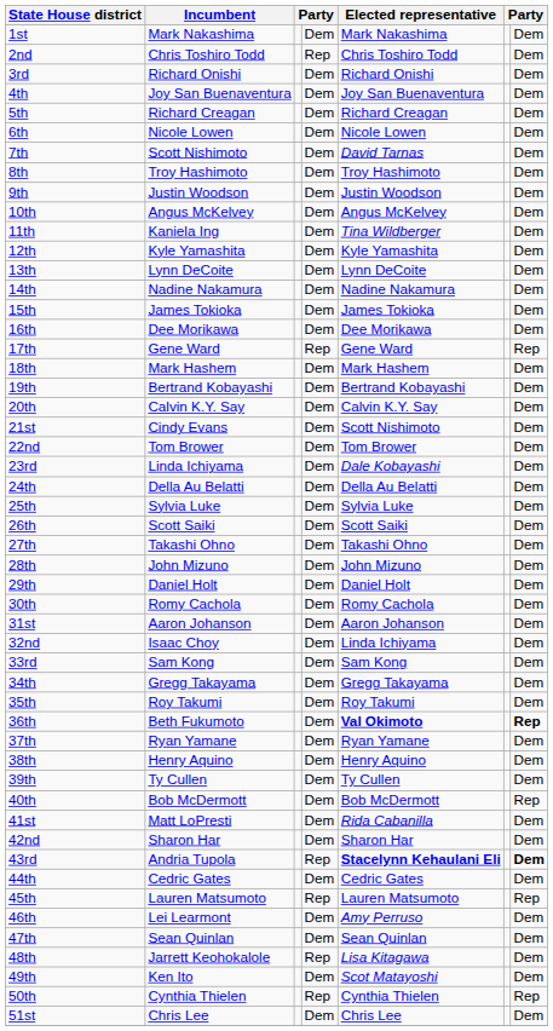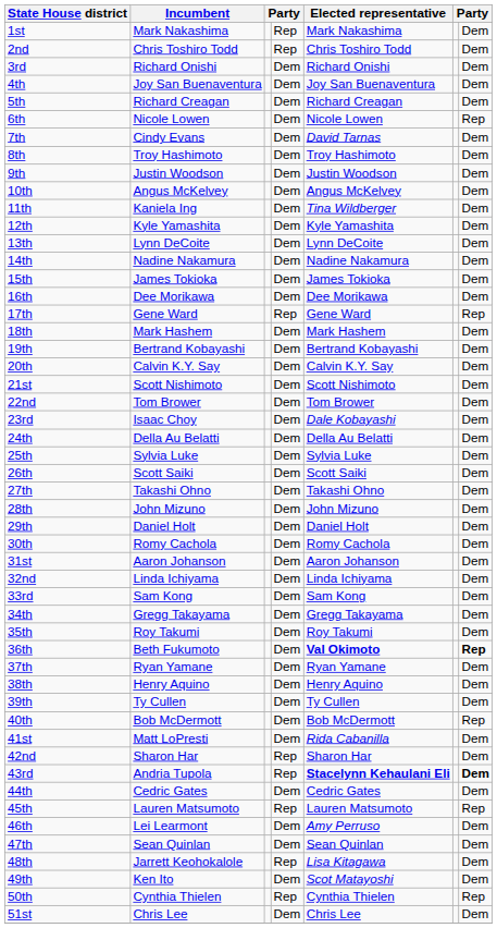 <table class="sortable wikitable" style="font-size:95%;line-height:14px;">
 <tr>
 <th class="unsortable"><a href='#'>State House</a> district</th>
 <th class="unsortable"><a href='#'>Incumbent</a></th>
 <th colspan="2">Party</th>
 <th class="unsortable">Elected representative</th>
 <th colspan="2">Party</th>
 </tr>
 <tr>
 <td><a href='#'>1st</a></td>
 <td><a href='#'>Mark Nakashima</a></td>
 <td style="background:"></td>
-<td>Dem</td>
+<td>Rep</td>
 <td><a href='#'>Mark Nakashima</a></td>
 <td style="background:"></td>
 <td>Dem</td>
 </tr>
 <tr>
 <td><a href='#'>2nd</a></td>
 <td><a href='#'>Chris Toshiro Todd</a></td>
 <td style="background:"></td>
 <td>Rep</td>
 <td><a href='#'>Chris Toshiro Todd</a></td>
 <td style="background:"></td>
 <td>Dem</td>
 </tr>
 <tr>
 <td><a href='#'>3rd</a></td>
 <td><a href='#'>Richard Onishi</a></td>
 <td style="background:"></td>
 <td>Dem</td>
 <td><a href='#'>Richard Onishi</a></td>
 <td style="background:"></td>
 <td>Dem</td>
 </tr>
 <tr>
 <td><a href='#'>4th</a></td>
 <td><a href='#'>Joy San Buenaventura</a></td>
 <td style="background:"></td>
 <td>Dem</td>
 <td><a href='#'>Joy San Buenaventura</a></td>
 <td style="background:"></td>
 <td>Dem</td>
 </tr>
 <tr>
 <td><a href='#'>5th</a></td>
 <td><a href='#'>Richard Creagan</a></td>
 <td style="background:"></td>
 <td>Dem</td>
 <td><a href='#'>Richard Creagan</a></td>
 <td style="background:"></td>
 <td>Dem</td>
 </tr>
 <tr>
 <td><a href='#'>6th</a></td>
 <td><a href='#'>Nicole Lowen</a></td>
 <td style="background:"></td>
 <td>Dem</td>
 <td><a href='#'>Nicole Lowen</a></td>
 <td style="background:"></td>
-<td>Dem</td>
+<td>Rep</td>
 </tr>
 <tr>
 <td><a href='#'>7th</a></td>
-<td><a href='#'>Scott Nishimoto</a></td>
+<td><a href='#'>Cindy Evans</a></td>
 <td style="background:"></td>
 <td>Dem</td>
 <td><em><a href='#'>David Tarnas</a></em></td>
 <td style="background:"></td>
 <td>Dem</td>
 </tr>
 <tr>
 <td><a href='#'>8th</a></td>
 <td><a href='#'>Troy Hashimoto</a></td>
 <td style="background:"></td>
 <td>Dem</td>
 <td><a href='#'>Troy Hashimoto</a></td>
 <td style="background:"></td>
 <td>Dem</td>
 </tr>
 <tr>
 <td><a href='#'>9th</a></td>
 <td><a href='#'>Justin Woodson</a></td>
 <td style="background:"></td>
 <td>Dem</td>
 <td><a href='#'>Justin Woodson</a></td>
 <td style="background:"></td>
 <td>Dem</td>
 </tr>
 <tr>
 <td><a href='#'>10th</a></td>
 <td><a href='#'>Angus McKelvey</a></td>
 <td style="background:"></td>
 <td>Dem</td>
 <td><a href='#'>Angus McKelvey</a></td>
 <td style="background:"></td>
 <td>Dem</td>
 </tr>
 <tr>
 <td><a href='#'>11th</a></td>
 <td><a href='#'>Kaniela Ing</a></td>
 <td style="background:"></td>
 <td>Dem</td>
 <td><em><a href='#'>Tina Wildberger</a></em></td>
 <td style="background:"></td>
 <td>Dem</td>
 </tr>
 <tr>
 <td><a href='#'>12th</a></td>
 <td><a href='#'>Kyle Yamashita</a></td>
 <td style="background:"></td>
 <td>Dem</td>
 <td><a href='#'>Kyle Yamashita</a></td>
 <td style="background:"></td>
 <td>Dem</td>
 </tr>
 <tr>
 <td><a href='#'>13th</a></td>
 <td><a href='#'>Lynn DeCoite</a></td>
 <td style="background:"></td>
 <td>Dem</td>
 <td><a href='#'>Lynn DeCoite</a></td>
 <td style="background:"></td>
 <td>Dem</td>
 </tr>
 <tr>
 <td><a href='#'>14th</a></td>
 <td><a href='#'>Nadine Nakamura</a></td>
 <td style="background:"></td>
 <td>Dem</td>
 <td><a href='#'>Nadine Nakamura</a></td>
 <td style="background:"></td>
 <td>Dem</td>
 </tr>
 <tr>
 <td><a href='#'>15th</a></td>
 <td><a href='#'>James Tokioka</a></td>
 <td style="background:"></td>
 <td>Dem</td>
 <td><a href='#'>James Tokioka</a></td>
 <td style="background:"></td>
 <td>Dem</td>
 </tr>
 <tr>
 <td><a href='#'>16th</a></td>
 <td><a href='#'>Dee Morikawa</a></td>
 <td style="background:"></td>
 <td>Dem</td>
 <td><a href='#'>Dee Morikawa</a></td>
 <td style="background:"></td>
 <td>Dem</td>
 </tr>
 <tr>
 <td><a href='#'>17th</a></td>
 <td><a href='#'>Gene Ward</a></td>
 <td style="background:"></td>
 <td>Rep</td>
 <td><a href='#'>Gene Ward</a></td>
 <td style="background:"></td>
 <td>Rep</td>
 </tr>
 <tr>
 <td><a href='#'>18th</a></td>
 <td><a href='#'>Mark Hashem</a></td>
 <td style="background:"></td>
 <td>Dem</td>
 <td><a href='#'>Mark Hashem</a></td>
 <td style="background:"></td>
 <td>Dem</td>
 </tr>
 <tr>
 <td><a href='#'>19th</a></td>
 <td><a href='#'>Bertrand Kobayashi</a></td>
 <td style="background:"></td>
 <td>Dem</td>
 <td><a href='#'>Bertrand Kobayashi</a></td>
 <td style="background:"></td>
 <td>Dem</td>
 </tr>
 <tr>
 <td><a href='#'>20th</a></td>
 <td><a href='#'>Calvin K.Y. Say</a></td>
 <td style="background:"></td>
 <td>Dem</td>
 <td><a href='#'>Calvin K.Y. Say</a></td>
 <td style="background:"></td>
 <td>Dem</td>
 </tr>
 <tr>
 <td><a href='#'>21st</a></td>
-<td><a href='#'>Cindy Evans</a></td>
+<td><a href='#'>Scott Nishimoto</a></td>
 <td style="background:"></td>
 <td>Dem</td>
 <td><a href='#'>Scott Nishimoto</a></td>
 <td style="background:"></td>
 <td>Dem</td>
 </tr>
 <tr>
 <td><a href='#'>22nd</a></td>
 <td><a href='#'>Tom Brower</a></td>
 <td style="background:"></td>
 <td>Dem</td>
 <td><a href='#'>Tom Brower</a></td>
 <td style="background:"></td>
 <td>Dem</td>
 </tr>
 <tr>
 <td><a href='#'>23rd</a></td>
-<td><a href='#'>Linda Ichiyama</a></td>
+<td><a href='#'>Isaac Choy</a></td>
 <td style="background:"></td>
 <td>Dem</td>
 <td><em><a href='#'>Dale Kobayashi</a></em></td>
 <td style="background:"></td>
 <td>Dem</td>
 </tr>
 <tr>
 <td><a href='#'>24th</a></td>
 <td><a href='#'>Della Au Belatti</a></td>
 <td style="background:"></td>
 <td>Dem</td>
 <td><a href='#'>Della Au Belatti</a></td>
 <td style="background:"></td>
 <td>Dem</td>
 </tr>
 <tr>
 <td><a href='#'>25th</a></td>
 <td><a href='#'>Sylvia Luke</a></td>
 <td style="background:"></td>
 <td>Dem</td>
 <td><a href='#'>Sylvia Luke</a></td>
 <td style="background:"></td>
 <td>Dem</td>
 </tr>
 <tr>
 <td><a href='#'>26th</a></td>
 <td><a href='#'>Scott Saiki</a></td>
 <td style="background:"></td>
 <td>Dem</td>
 <td><a href='#'>Scott Saiki</a></td>
 <td style="background:"></td>
 <td>Dem</td>
 </tr>
 <tr>
 <td><a href='#'>27th</a></td>
 <td><a href='#'>Takashi Ohno</a></td>
 <td style="background:"></td>
 <td>Dem</td>
 <td><a href='#'>Takashi Ohno</a></td>
 <td style="background:"></td>
 <td>Dem</td>
 </tr>
 <tr>
 <td><a href='#'>28th</a></td>
 <td><a href='#'>John Mizuno</a></td>
 <td style="background:"></td>
 <td>Dem</td>
 <td><a href='#'>John Mizuno</a></td>
 <td style="background:"></td>
 <td>Dem</td>
 </tr>
 <tr>
 <td><a href='#'>29th</a></td>
 <td><a href='#'>Daniel Holt</a></td>
 <td style="background:"></td>
 <td>Dem</td>
 <td><a href='#'>Daniel Holt</a></td>
 <td style="background:"></td>
 <td>Dem</td>
 </tr>
 <tr>
 <td><a href='#'>30th</a></td>
 <td><a href='#'>Romy Cachola</a></td>
 <td style="background:"></td>
 <td>Dem</td>
 <td><a href='#'>Romy Cachola</a></td>
 <td style="background:"></td>
 <td>Dem</td>
 </tr>
 <tr>
 <td><a href='#'>31st</a></td>
 <td><a href='#'>Aaron Johanson</a></td>
 <td style="background:"></td>
 <td>Dem</td>
 <td><a href='#'>Aaron Johanson</a></td>
 <td style="background:"></td>
 <td>Dem</td>
 </tr>
 <tr>
 <td><a href='#'>32nd</a></td>
-<td><a href='#'>Isaac Choy</a></td>
+<td><a href='#'>Linda Ichiyama</a></td>
 <td style="background:"></td>
 <td>Dem</td>
 <td><a href='#'>Linda Ichiyama</a></td>
 <td style="background:"></td>
 <td>Dem</td>
 </tr>
 <tr>
 <td><a href='#'>33rd</a></td>
 <td><a href='#'>Sam Kong</a></td>
 <td style="background:"></td>
 <td>Dem</td>
 <td><a href='#'>Sam Kong</a></td>
 <td style="background:"></td>
 <td>Dem</td>
 </tr>
 <tr>
 <td><a href='#'>34th</a></td>
 <td><a href='#'>Gregg Takayama</a></td>
 <td style="background:"></td>
 <td>Dem</td>
 <td><a href='#'>Gregg Takayama</a></td>
 <td style="background:"></td>
 <td>Dem</td>
 </tr>
 <tr>
 <td><a href='#'>35th</a></td>
 <td><a href='#'>Roy Takumi</a></td>
 <td style="background:"></td>
 <td>Dem</td>
 <td><a href='#'>Roy Takumi</a></td>
 <td style="background:"></td>
 <td>Dem</td>
 </tr>
 <tr>
 <td><a href='#'>36th</a></td>
 <td><a href='#'>Beth Fukumoto</a></td>
 <td style="background:"></td>
 <td>Dem</td>
 <td><strong><a href='#'>Val Okimoto</a></strong></td>
 <td style="background:"></td>
 <td><strong>Rep</strong></td>
 </tr>
 <tr>
 <td><a href='#'>37th</a></td>
 <td><a href='#'>Ryan Yamane</a></td>
 <td style="background:"></td>
 <td>Dem</td>
 <td><a href='#'>Ryan Yamane</a></td>
 <td style="background:"></td>
 <td>Dem</td>
 </tr>
 <tr>
 <td><a href='#'>38th</a></td>
 <td><a href='#'>Henry Aquino</a></td>
 <td style="background:"></td>
 <td>Dem</td>
 <td><a href='#'>Henry Aquino</a></td>
 <td style="background:"></td>
 <td>Dem</td>
 </tr>
 <tr>
 <td><a href='#'>39th</a></td>
 <td><a href='#'>Ty Cullen</a></td>
 <td style="background:"></td>
 <td>Dem</td>
 <td><a href='#'>Ty Cullen</a></td>
 <td style="background:"></td>
 <td>Dem</td>
 </tr>
 <tr>
 <td><a href='#'>40th</a></td>
 <td><a href='#'>Bob McDermott</a></td>
 <td style="background:"></td>
 <td>Dem</td>
 <td><a href='#'>Bob McDermott</a></td>
 <td style="background:"></td>
 <td>Rep</td>
 </tr>
 <tr>
 <td><a href='#'>41st</a></td>
 <td><a href='#'>Matt LoPresti</a></td>
 <td style="background:"></td>
 <td>Dem</td>
 <td><em><a href='#'>Rida Cabanilla</a></em></td>
 <td style="background:"></td>
 <td>Dem</td>
 </tr>
 <tr>
 <td><a href='#'>42nd</a></td>
 <td><a href='#'>Sharon Har</a></td>
 <td style="background:"></td>
-<td>Dem</td>
+<td>Rep</td>
 <td><a href='#'>Sharon Har</a></td>
 <td style="background:"></td>
 <td>Dem</td>
 </tr>
 <tr>
 <td><a href='#'>43rd</a></td>
 <td><a href='#'>Andria Tupola</a></td>
 <td style="background:"></td>
 <td>Rep</td>
 <td><strong><a href='#'>Stacelynn Kehaulani Eli</a></strong></td>
 <td style="background:"></td>
 <td><strong>Dem</strong></td>
 </tr>
 <tr>
 <td><a href='#'>44th</a></td>
 <td><a href='#'>Cedric Gates</a></td>
 <td style="background:"></td>
 <td>Dem</td>
 <td><a href='#'>Cedric Gates</a></td>
 <td style="background:"></td>
 <td>Dem</td>
 </tr>
 <tr>
 <td><a href='#'>45th</a></td>
 <td><a href='#'>Lauren Matsumoto</a></td>
 <td style="background:"></td>
 <td>Rep</td>
 <td><a href='#'>Lauren Matsumoto</a></td>
 <td style="background:"></td>
 <td>Rep</td>
 </tr>
 <tr>
 <td><a href='#'>46th</a></td>
 <td><a href='#'>Lei Learmont</a></td>
 <td style="background:"></td>
 <td>Dem</td>
 <td><em><a href='#'>Amy Perruso</a></em></td>
 <td style="background:"></td>
 <td>Dem</td>
 </tr>
 <tr>
 <td><a href='#'>47th</a></td>
 <td><a href='#'>Sean Quinlan</a></td>
 <td style="background:"></td>
 <td>Dem</td>
 <td><a href='#'>Sean Quinlan</a></td>
 <td style="background:"></td>
 <td>Dem</td>
 </tr>
 <tr>
 <td><a href='#'>48th</a></td>
 <td><a href='#'>Jarrett Keohokalole</a></td>
 <td style="background:"></td>
 <td>Rep</td>
 <td><em><a href='#'>Lisa Kitagawa</a></em></td>
 <td style="background:"></td>
 <td>Dem</td>
 </tr>
 <tr>
 <td><a href='#'>49th</a></td>
 <td><a href='#'>Ken Ito</a></td>
 <td style="background:"></td>
 <td>Dem</td>
 <td><em><a href='#'>Scot Matayoshi</a></em></td>
 <td style="background:"></td>
 <td>Dem</td>
 </tr>
 <tr>
 <td><a href='#'>50th</a></td>
 <td><a href='#'>Cynthia Thielen</a></td>
 <td style="background:"></td>
 <td>Rep</td>
 <td><a href='#'>Cynthia Thielen</a></td>
 <td style="background:"></td>
 <td>Rep</td>
 </tr>
 <tr>
 <td><a href='#'>51st</a></td>
 <td><a href='#'>Chris Lee</a></td>
 <td style="background:"></td>
 <td>Dem</td>
 <td><a href='#'>Chris Lee</a></td>
 <td style="background:"></td>
 <td>Dem</td>
 </tr>
 <tr>
 </tr>
 </table>
